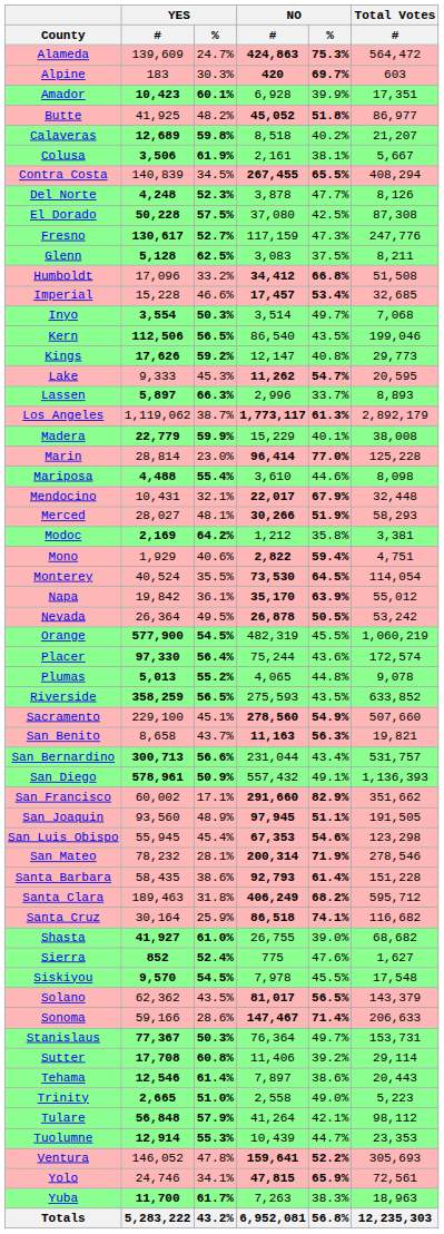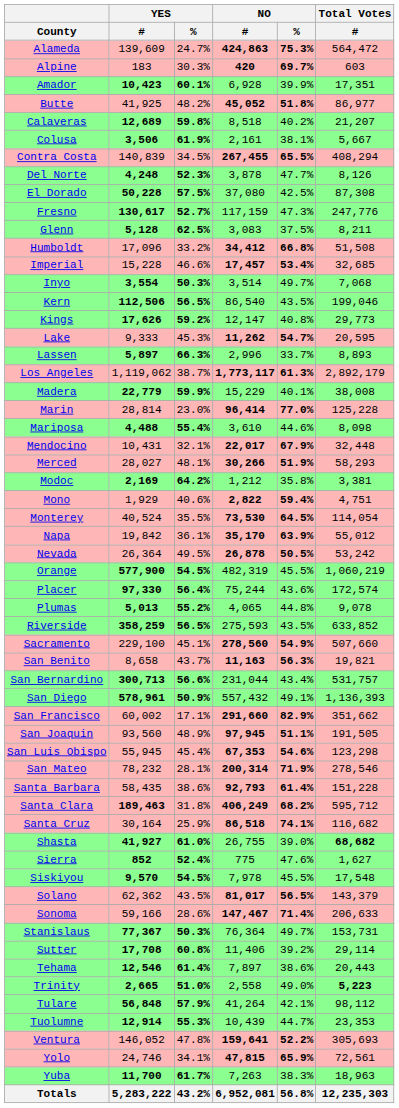 <table class="wikitable sortable">
 <tr>
 <th></th>
 <th colspan="2"> YES</th>
 <th colspan="2"> NO</th>
 <th>Total Votes</th>
 </tr>
 <tr>
 <th>County</th>
 <th>#</th>
 <th>%</th>
 <th>#</th>
 <th>%</th>
 <th>#</th>
 </tr>
 <tr>
 <td bgcolor=#FFB6B6 align="center"><a href='#'>Alameda</a></td>
 <td bgcolor=#FFB6B6 align="center">139,609</td>
 <td bgcolor=#FFB6B6 align="center">24.7%</td>
 <td bgcolor=#FFB6B6 align="center"><strong>424,863</strong></td>
 <td bgcolor=#FFB6B6 align="center"><strong>75.3%</strong></td>
 <td bgcolor=#FFB6B6 align="center">564,472</td>
 </tr>
 <tr>
 <td bgcolor=#FFB6B6 align="center"><a href='#'>Alpine</a></td>
 <td bgcolor=#FFB6B6 align="center">183</td>
 <td bgcolor=#FFB6B6 align="center">30.3%</td>
 <td bgcolor=#FFB6B6 align="center"><strong>420</strong></td>
 <td bgcolor=#FFB6B6 align="center"><strong>69.7%</strong></td>
 <td bgcolor=#FFB6B6 align="center">603</td>
 </tr>
 <tr>
 <td bgcolor=#8BFF90 align="center"><a href='#'>Amador</a></td>
 <td bgcolor=#8BFF90 align="center"><strong>10,423</strong></td>
 <td bgcolor=#8BFF90 align="center"><strong>60.1%</strong></td>
 <td bgcolor=#8BFF90 align="center">6,928</td>
 <td bgcolor=#8BFF90 align="center">39.9%</td>
 <td bgcolor=#8BFF90 align="center">17,351</td>
 </tr>
 <tr>
 <td bgcolor=#FFB6B6 align="center"><a href='#'>Butte</a></td>
 <td bgcolor=#FFB6B6 align="center">41,925</td>
 <td bgcolor=#FFB6B6 align="center">48.2%</td>
 <td bgcolor=#FFB6B6 align="center"><strong>45,052</strong></td>
 <td bgcolor=#FFB6B6 align="center"><strong>51.8%</strong></td>
 <td bgcolor=#FFB6B6 align="center">86,977</td>
 </tr>
 <tr>
 <td bgcolor=#8BFF90 align="center"><a href='#'>Calaveras</a></td>
 <td bgcolor=#8BFF90 align="center"><strong>12,689</strong></td>
 <td bgcolor=#8BFF90 align="center"><strong>59.8%</strong></td>
 <td bgcolor=#8BFF90 align="center">8,518</td>
 <td bgcolor=#8BFF90 align="center">40.2%</td>
 <td bgcolor=#8BFF90 align="center">21,207</td>
 </tr>
 <tr>
 <td bgcolor=#8BFF90 align="center"><a href='#'>Colusa</a></td>
 <td bgcolor=#8BFF90 align="center"><strong>3,506</strong></td>
 <td bgcolor=#8BFF90 align="center"><strong>61.9%</strong></td>
 <td bgcolor=#8BFF90 align="center">2,161</td>
 <td bgcolor=#8BFF90 align="center">38.1%</td>
 <td bgcolor=#8BFF90 align="center">5,667</td>
 </tr>
 <tr>
 <td bgcolor=#FFB6B6 align="center"><a href='#'>Contra Costa</a></td>
 <td bgcolor=#FFB6B6 align="center">140,839</td>
 <td bgcolor=#FFB6B6 align="center">34.5%</td>
 <td bgcolor=#FFB6B6 align="center"><strong>267,455</strong></td>
 <td bgcolor=#FFB6B6 align="center"><strong>65.5%</strong></td>
 <td bgcolor=#FFB6B6 align="center">408,294</td>
 </tr>
 <tr>
 <td bgcolor=#8BFF90 align="center"><a href='#'>Del Norte</a></td>
 <td bgcolor=#8BFF90 align="center"><strong>4,248</strong></td>
 <td bgcolor=#8BFF90 align="center"><strong>52.3%</strong></td>
 <td bgcolor=#8BFF90 align="center">3,878</td>
 <td bgcolor=#8BFF90 align="center">47.7%</td>
 <td bgcolor=#8BFF90 align="center">8,126</td>
 </tr>
 <tr>
 <td bgcolor=#8BFF90 align="center"><a href='#'>El Dorado</a></td>
 <td bgcolor=#8BFF90 align="center"><strong>50,228</strong></td>
 <td bgcolor=#8BFF90 align="center"><strong>57.5%</strong></td>
 <td bgcolor=#8BFF90 align="center">37,080</td>
 <td bgcolor=#8BFF90 align="center">42.5%</td>
 <td bgcolor=#8BFF90 align="center">87,308</td>
 </tr>
 <tr>
 <td bgcolor=#8BFF90 align="center"><a href='#'>Fresno</a></td>
 <td bgcolor=#8BFF90 align="center"><strong>130,617</strong></td>
 <td bgcolor=#8BFF90 align="center"><strong>52.7%</strong></td>
 <td bgcolor=#8BFF90 align="center">117,159</td>
 <td bgcolor=#8BFF90 align="center">47.3%</td>
 <td bgcolor=#8BFF90 align="center">247,776</td>
 </tr>
 <tr>
 <td bgcolor=#8BFF90 align="center"><a href='#'>Glenn</a></td>
 <td bgcolor=#8BFF90 align="center"><strong>5,128</strong></td>
 <td bgcolor=#8BFF90 align="center"><strong>62.5%</strong></td>
 <td bgcolor=#8BFF90 align="center">3,083</td>
 <td bgcolor=#8BFF90 align="center">37.5%</td>
 <td bgcolor=#8BFF90 align="center">8,211</td>
 </tr>
 <tr>
 <td bgcolor=#FFB6B6 align="center"><a href='#'>Humboldt</a></td>
 <td bgcolor=#FFB6B6 align="center">17,096</td>
 <td bgcolor=#FFB6B6 align="center">33.2%</td>
 <td bgcolor=#FFB6B6 align="center"><strong>34,412</strong></td>
 <td bgcolor=#FFB6B6 align="center"><strong>66.8%</strong></td>
 <td bgcolor=#FFB6B6 align="center">51,508</td>
 </tr>
 <tr>
 <td bgcolor=#FFB6B6 align="center"><a href='#'>Imperial</a></td>
 <td bgcolor=#FFB6B6 align="center">15,228</td>
 <td bgcolor=#FFB6B6 align="center">46.6%</td>
 <td bgcolor=#FFB6B6 align="center"><strong>17,457</strong></td>
 <td bgcolor=#FFB6B6 align="center"><strong>53.4%</strong></td>
 <td bgcolor=#FFB6B6 align="center">32,685</td>
 </tr>
 <tr>
 <td bgcolor=#8BFF90 align="center"><a href='#'>Inyo</a></td>
 <td bgcolor=#8BFF90 align="center"><strong>3,554</strong></td>
 <td bgcolor=#8BFF90 align="center"><strong>50.3%</strong></td>
 <td bgcolor=#8BFF90 align="center">3,514</td>
 <td bgcolor=#8BFF90 align="center">49.7%</td>
 <td bgcolor=#8BFF90 align="center">7,068</td>
 </tr>
 <tr>
 <td bgcolor=#8BFF90 align="center"><a href='#'>Kern</a></td>
 <td bgcolor=#8BFF90 align="center"><strong>112,506</strong></td>
 <td bgcolor=#8BFF90 align="center"><strong>56.5%</strong></td>
 <td bgcolor=#8BFF90 align="center">86,540</td>
 <td bgcolor=#8BFF90 align="center">43.5%</td>
 <td bgcolor=#8BFF90 align="center">199,046</td>
 </tr>
 <tr>
 <td bgcolor=#8BFF90 align="center"><a href='#'>Kings</a></td>
 <td bgcolor=#8BFF90 align="center"><strong>17,626</strong></td>
 <td bgcolor=#8BFF90 align="center"><strong>59.2%</strong></td>
 <td bgcolor=#8BFF90 align="center">12,147</td>
 <td bgcolor=#8BFF90 align="center">40.8%</td>
 <td bgcolor=#8BFF90 align="center">29,773</td>
 </tr>
 <tr>
 <td bgcolor=#FFB6B6 align="center"><a href='#'>Lake</a></td>
 <td bgcolor=#FFB6B6 align="center">9,333</td>
 <td bgcolor=#FFB6B6 align="center">45.3%</td>
 <td bgcolor=#FFB6B6 align="center"><strong>11,262</strong></td>
 <td bgcolor=#FFB6B6 align="center"><strong>54.7%</strong></td>
 <td bgcolor=#FFB6B6 align="center">20,595</td>
 </tr>
 <tr>
 <td bgcolor=#8BFF90 align="center"><a href='#'>Lassen</a></td>
 <td bgcolor=#8BFF90 align="center"><strong>5,897</strong></td>
 <td bgcolor=#8BFF90 align="center"><strong>66.3%</strong></td>
 <td bgcolor=#8BFF90 align="center">2,996</td>
 <td bgcolor=#8BFF90 align="center">33.7%</td>
 <td bgcolor=#8BFF90 align="center">8,893</td>
 </tr>
 <tr>
 <td bgcolor=#FFB6B6 align="center"><a href='#'>Los Angeles</a></td>
 <td bgcolor=#FFB6B6 align="center">1,119,062</td>
 <td bgcolor=#FFB6B6 align="center">38.7%</td>
 <td bgcolor=#FFB6B6 align="center"><strong>1,773,117</strong></td>
 <td bgcolor=#FFB6B6 align="center"><strong>61.3%</strong></td>
 <td bgcolor=#FFB6B6 align="center">2,892,179</td>
 </tr>
 <tr>
 <td bgcolor=#8BFF90 align="center"><a href='#'>Madera</a></td>
 <td bgcolor=#8BFF90 align="center"><strong>22,779</strong></td>
 <td bgcolor=#8BFF90 align="center"><strong>59.9%</strong></td>
 <td bgcolor=#8BFF90 align="center">15,229</td>
 <td bgcolor=#8BFF90 align="center">40.1%</td>
 <td bgcolor=#8BFF90 align="center">38,008</td>
 </tr>
 <tr>
 <td bgcolor=#FFB6B6 align="center"><a href='#'>Marin</a></td>
 <td bgcolor=#FFB6B6 align="center">28,814</td>
 <td bgcolor=#FFB6B6 align="center">23.0%</td>
 <td bgcolor=#FFB6B6 align="center"><strong>96,414</strong></td>
 <td bgcolor=#FFB6B6 align="center"><strong>77.0%</strong></td>
 <td bgcolor=#FFB6B6 align="center">125,228</td>
 </tr>
 <tr>
 <td bgcolor=#8BFF90 align="center"><a href='#'>Mariposa</a></td>
 <td bgcolor=#8BFF90 align="center"><strong>4,488</strong></td>
 <td bgcolor=#8BFF90 align="center"><strong>55.4%</strong></td>
 <td bgcolor=#8BFF90 align="center">3,610</td>
 <td bgcolor=#8BFF90 align="center">44.6%</td>
 <td bgcolor=#8BFF90 align="center">8,098</td>
 </tr>
 <tr>
 <td bgcolor=#FFB6B6 align="center"><a href='#'>Mendocino</a></td>
 <td bgcolor=#FFB6B6 align="center">10,431</td>
 <td bgcolor=#FFB6B6 align="center">32.1%</td>
 <td bgcolor=#FFB6B6 align="center"><strong>22,017</strong></td>
 <td bgcolor=#FFB6B6 align="center"><strong>67.9%</strong></td>
 <td bgcolor=#FFB6B6 align="center">32,448</td>
 </tr>
 <tr>
 <td bgcolor=#FFB6B6 align="center"><a href='#'>Merced</a></td>
 <td bgcolor=#FFB6B6 align="center">28,027</td>
 <td bgcolor=#FFB6B6 align="center">48.1%</td>
 <td bgcolor=#FFB6B6 align="center"><strong>30,266</strong></td>
 <td bgcolor=#FFB6B6 align="center"><strong>51.9%</strong></td>
 <td bgcolor=#FFB6B6 align="center">58,293</td>
 </tr>
 <tr>
 <td bgcolor=#8BFF90 align="center"><a href='#'>Modoc</a></td>
 <td bgcolor=#8BFF90 align="center"><strong>2,169</strong></td>
 <td bgcolor=#8BFF90 align="center"><strong>64.2%</strong></td>
 <td bgcolor=#8BFF90 align="center">1,212</td>
 <td bgcolor=#8BFF90 align="center">35.8%</td>
 <td bgcolor=#8BFF90 align="center">3,381</td>
 </tr>
 <tr>
 <td bgcolor=#FFB6B6 align="center"><a href='#'>Mono</a></td>
 <td bgcolor=#FFB6B6 align="center">1,929</td>
 <td bgcolor=#FFB6B6 align="center">40.6%</td>
 <td bgcolor=#FFB6B6 align="center"><strong>2,822</strong></td>
 <td bgcolor=#FFB6B6 align="center"><strong>59.4%</strong></td>
 <td bgcolor=#FFB6B6 align="center">4,751</td>
 </tr>
 <tr>
 <td bgcolor=#FFB6B6 align="center"><a href='#'>Monterey</a></td>
 <td bgcolor=#FFB6B6 align="center">40,524</td>
 <td bgcolor=#FFB6B6 align="center">35.5%</td>
 <td bgcolor=#FFB6B6 align="center"><strong>73,530</strong></td>
 <td bgcolor=#FFB6B6 align="center"><strong>64.5%</strong></td>
 <td bgcolor=#FFB6B6 align="center">114,054</td>
 </tr>
 <tr>
 <td bgcolor=#FFB6B6 align="center"><a href='#'>Napa</a></td>
 <td bgcolor=#FFB6B6 align="center">19,842</td>
 <td bgcolor=#FFB6B6 align="center">36.1%</td>
 <td bgcolor=#FFB6B6 align="center"><strong>35,170</strong></td>
 <td bgcolor=#FFB6B6 align="center"><strong>63.9%</strong></td>
 <td bgcolor=#FFB6B6 align="center">55,012</td>
 </tr>
 <tr>
 <td bgcolor=#FFB6B6 align="center"><a href='#'>Nevada</a></td>
 <td bgcolor=#FFB6B6 align="center">26,364</td>
 <td bgcolor=#FFB6B6 align="center">49.5%</td>
 <td bgcolor=#FFB6B6 align="center"><strong>26,878</strong></td>
 <td bgcolor=#FFB6B6 align="center"><strong>50.5%</strong></td>
 <td bgcolor=#FFB6B6 align="center">53,242</td>
 </tr>
 <tr>
 <td bgcolor=#8BFF90 align="center"><a href='#'>Orange</a></td>
 <td bgcolor=#8BFF90 align="center"><strong>577,900</strong></td>
 <td bgcolor=#8BFF90 align="center"><strong>54.5%</strong></td>
 <td bgcolor=#8BFF90 align="center">482,319</td>
 <td bgcolor=#8BFF90 align="center">45.5%</td>
 <td bgcolor=#8BFF90 align="center">1,060,219</td>
 </tr>
 <tr>
 <td bgcolor=#8BFF90 align="center"><a href='#'>Placer</a></td>
 <td bgcolor=#8BFF90 align="center"><strong>97,330</strong></td>
 <td bgcolor=#8BFF90 align="center"><strong>56.4%</strong></td>
 <td bgcolor=#8BFF90 align="center">75,244</td>
 <td bgcolor=#8BFF90 align="center">43.6%</td>
 <td bgcolor=#8BFF90 align="center">172,574</td>
 </tr>
 <tr>
 <td bgcolor=#8BFF90 align="center"><a href='#'>Plumas</a></td>
 <td bgcolor=#8BFF90 align="center"><strong>5,013</strong></td>
 <td bgcolor=#8BFF90 align="center"><strong>55.2%</strong></td>
 <td bgcolor=#8BFF90 align="center">4,065</td>
 <td bgcolor=#8BFF90 align="center">44.8%</td>
 <td bgcolor=#8BFF90 align="center">9,078</td>
 </tr>
 <tr>
 <td bgcolor=#8BFF90 align="center"><a href='#'>Riverside</a></td>
 <td bgcolor=#8BFF90 align="center"><strong>358,259</strong></td>
 <td bgcolor=#8BFF90 align="center"><strong>56.5%</strong></td>
 <td bgcolor=#8BFF90 align="center">275,593</td>
 <td bgcolor=#8BFF90 align="center">43.5%</td>
 <td bgcolor=#8BFF90 align="center">633,852</td>
 </tr>
 <tr>
 <td bgcolor=#FFB6B6 align="center"><a href='#'>Sacramento</a></td>
 <td bgcolor=#FFB6B6 align="center">229,100</td>
 <td bgcolor=#FFB6B6 align="center">45.1%</td>
 <td bgcolor=#FFB6B6 align="center"><strong>278,560</strong></td>
 <td bgcolor=#FFB6B6 align="center"><strong>54.9%</strong></td>
 <td bgcolor=#FFB6B6 align="center">507,660</td>
 </tr>
 <tr>
 <td bgcolor=#FFB6B6 align="center"><a href='#'>San Benito</a></td>
 <td bgcolor=#FFB6B6 align="center">8,658</td>
 <td bgcolor=#FFB6B6 align="center">43.7%</td>
 <td bgcolor=#FFB6B6 align="center"><strong>11,163</strong></td>
 <td bgcolor=#FFB6B6 align="center"><strong>56.3%</strong></td>
 <td bgcolor=#FFB6B6 align="center">19,821</td>
 </tr>
 <tr>
 <td bgcolor=#8BFF90 align="center"><a href='#'>San Bernardino</a></td>
 <td bgcolor=#8BFF90 align="center"><strong>300,713</strong></td>
 <td bgcolor=#8BFF90 align="center"><strong>56.6%</strong></td>
 <td bgcolor=#8BFF90 align="center">231,044</td>
 <td bgcolor=#8BFF90 align="center">43.4%</td>
 <td bgcolor=#8BFF90 align="center">531,757</td>
 </tr>
 <tr>
 <td bgcolor=#8BFF90 align="center"><a href='#'>San Diego</a></td>
 <td bgcolor=#8BFF90 align="center"><strong>578,961</strong></td>
 <td bgcolor=#8BFF90 align="center"><strong>50.9%</strong></td>
 <td bgcolor=#8BFF90 align="center">557,432</td>
 <td bgcolor=#8BFF90 align="center">49.1%</td>
 <td bgcolor=#8BFF90 align="center">1,136,393</td>
 </tr>
 <tr>
 <td bgcolor=#FFB6B6 align="center"><a href='#'>San Francisco</a></td>
 <td bgcolor=#FFB6B6 align="center">60,002</td>
 <td bgcolor=#FFB6B6 align="center">17.1%</td>
 <td bgcolor=#FFB6B6 align="center"><strong>291,660</strong></td>
 <td bgcolor=#FFB6B6 align="center"><strong>82.9%</strong></td>
 <td bgcolor=#FFB6B6 align="center">351,662</td>
 </tr>
 <tr>
 <td bgcolor=#FFB6B6 align="center"><a href='#'>San Joaquin</a></td>
 <td bgcolor=#FFB6B6 align="center">93,560</td>
 <td bgcolor=#FFB6B6 align="center">48.9%</td>
 <td bgcolor=#FFB6B6 align="center"><strong>97,945</strong></td>
 <td bgcolor=#FFB6B6 align="center"><strong>51.1%</strong></td>
 <td bgcolor=#FFB6B6 align="center">191,505</td>
 </tr>
 <tr>
 <td bgcolor=#FFB6B6 align="center"><a href='#'>San Luis Obispo</a></td>
 <td bgcolor=#FFB6B6 align="center">55,945</td>
 <td bgcolor=#FFB6B6 align="center">45.4%</td>
 <td bgcolor=#FFB6B6 align="center"><strong>67,353</strong></td>
 <td bgcolor=#FFB6B6 align="center"><strong>54.6%</strong></td>
 <td bgcolor=#FFB6B6 align="center">123,298</td>
 </tr>
 <tr>
 <td bgcolor=#FFB6B6 align="center"><a href='#'>San Mateo</a></td>
 <td bgcolor=#FFB6B6 align="center">78,232</td>
 <td bgcolor=#FFB6B6 align="center">28.1%</td>
 <td bgcolor=#FFB6B6 align="center"><strong>200,314</strong></td>
 <td bgcolor=#FFB6B6 align="center"><strong>71.9%</strong></td>
 <td bgcolor=#FFB6B6 align="center">278,546</td>
 </tr>
 <tr>
 <td bgcolor=#FFB6B6 align="center"><a href='#'>Santa Barbara</a></td>
 <td bgcolor=#FFB6B6 align="center">58,435</td>
 <td bgcolor=#FFB6B6 align="center">38.6%</td>
 <td bgcolor=#FFB6B6 align="center"><strong>92,793</strong></td>
 <td bgcolor=#FFB6B6 align="center"><strong>61.4%</strong></td>
 <td bgcolor=#FFB6B6 align="center">151,228</td>
 </tr>
 <tr>
 <td bgcolor=#FFB6B6 align="center"><a href='#'>Santa Clara</a></td>
-<td bgcolor=#FFB6B6 align="center">189,463</td>
+<td bgcolor=#FFB6B6 align="center"><strong>189,463</strong></td>
 <td bgcolor=#FFB6B6 align="center">31.8%</td>
 <td bgcolor=#FFB6B6 align="center"><strong>406,249</strong></td>
 <td bgcolor=#FFB6B6 align="center"><strong>68.2%</strong></td>
 <td bgcolor=#FFB6B6 align="center">595,712</td>
 </tr>
 <tr>
 <td bgcolor=#FFB6B6 align="center"><a href='#'>Santa Cruz</a></td>
 <td bgcolor=#FFB6B6 align="center">30,164</td>
 <td bgcolor=#FFB6B6 align="center">25.9%</td>
 <td bgcolor=#FFB6B6 align="center"><strong>86,518</strong></td>
 <td bgcolor=#FFB6B6 align="center"><strong>74.1%</strong></td>
 <td bgcolor=#FFB6B6 align="center">116,682</td>
 </tr>
 <tr>
 <td bgcolor=#8BFF90 align="center"><a href='#'>Shasta</a></td>
 <td bgcolor=#8BFF90 align="center"><strong>41,927</strong></td>
 <td bgcolor=#8BFF90 align="center"><strong>61.0%</strong></td>
 <td bgcolor=#8BFF90 align="center">26,755</td>
 <td bgcolor=#8BFF90 align="center">39.0%</td>
-<td bgcolor=#8BFF90 align="center">68,682</td>
+<td bgcolor=#8BFF90 align="center"><strong>68,682</strong></td>
 </tr>
 <tr>
 <td bgcolor=#8BFF90 align="center"><a href='#'>Sierra</a></td>
 <td bgcolor=#8BFF90 align="center"><strong>852</strong></td>
 <td bgcolor=#8BFF90 align="center"><strong>52.4%</strong></td>
 <td bgcolor=#8BFF90 align="center">775</td>
 <td bgcolor=#8BFF90 align="center">47.6%</td>
 <td bgcolor=#8BFF90 align="center">1,627</td>
 </tr>
 <tr>
 <td bgcolor=#8BFF90 align="center"><a href='#'>Siskiyou</a></td>
 <td bgcolor=#8BFF90 align="center"><strong>9,570</strong></td>
 <td bgcolor=#8BFF90 align="center"><strong>54.5%</strong></td>
 <td bgcolor=#8BFF90 align="center">7,978</td>
 <td bgcolor=#8BFF90 align="center">45.5%</td>
 <td bgcolor=#8BFF90 align="center">17,548</td>
 </tr>
 <tr>
 <td bgcolor=#FFB6B6 align="center"><a href='#'>Solano</a></td>
 <td bgcolor=#FFB6B6 align="center">62,362</td>
 <td bgcolor=#FFB6B6 align="center">43.5%</td>
 <td bgcolor=#FFB6B6 align="center"><strong>81,017</strong></td>
 <td bgcolor=#FFB6B6 align="center"><strong>56.5%</strong></td>
 <td bgcolor=#FFB6B6 align="center">143,379</td>
 </tr>
 <tr>
 <td bgcolor=#FFB6B6 align="center"><a href='#'>Sonoma</a></td>
 <td bgcolor=#FFB6B6 align="center">59,166</td>
 <td bgcolor=#FFB6B6 align="center">28.6%</td>
 <td bgcolor=#FFB6B6 align="center"><strong>147,467</strong></td>
 <td bgcolor=#FFB6B6 align="center"><strong>71.4%</strong></td>
 <td bgcolor=#FFB6B6 align="center">206,633</td>
 </tr>
 <tr>
 <td bgcolor=#8BFF90 align="center"><a href='#'>Stanislaus</a></td>
 <td bgcolor=#8BFF90 align="center"><strong>77,367</strong></td>
 <td bgcolor=#8BFF90 align="center"><strong>50.3%</strong></td>
 <td bgcolor=#8BFF90 align="center">76,364</td>
 <td bgcolor=#8BFF90 align="center">49.7%</td>
 <td bgcolor=#8BFF90 align="center">153,731</td>
 </tr>
 <tr>
 <td bgcolor=#8BFF90 align="center"><a href='#'>Sutter</a></td>
 <td bgcolor=#8BFF90 align="center"><strong>17,708</strong></td>
 <td bgcolor=#8BFF90 align="center"><strong>60.8%</strong></td>
 <td bgcolor=#8BFF90 align="center">11,406</td>
 <td bgcolor=#8BFF90 align="center">39.2%</td>
 <td bgcolor=#8BFF90 align="center">29,114</td>
 </tr>
 <tr>
 <td bgcolor=#8BFF90 align="center"><a href='#'>Tehama</a></td>
 <td bgcolor=#8BFF90 align="center"><strong>12,546</strong></td>
 <td bgcolor=#8BFF90 align="center"><strong>61.4%</strong></td>
 <td bgcolor=#8BFF90 align="center">7,897</td>
 <td bgcolor=#8BFF90 align="center">38.6%</td>
 <td bgcolor=#8BFF90 align="center">20,443</td>
 </tr>
 <tr>
 <td bgcolor=#8BFF90 align="center"><a href='#'>Trinity</a></td>
 <td bgcolor=#8BFF90 align="center"><strong>2,665</strong></td>
 <td bgcolor=#8BFF90 align="center"><strong>51.0%</strong></td>
 <td bgcolor=#8BFF90 align="center">2,558</td>
 <td bgcolor=#8BFF90 align="center">49.0%</td>
-<td bgcolor=#8BFF90 align="center">5,223</td>
+<td bgcolor=#8BFF90 align="center"><strong>5,223</strong></td>
 </tr>
 <tr>
 <td bgcolor=#8BFF90 align="center"><a href='#'>Tulare</a></td>
 <td bgcolor=#8BFF90 align="center"><strong>56,848</strong></td>
 <td bgcolor=#8BFF90 align="center"><strong>57.9%</strong></td>
 <td bgcolor=#8BFF90 align="center">41,264</td>
 <td bgcolor=#8BFF90 align="center">42.1%</td>
 <td bgcolor=#8BFF90 align="center">98,112</td>
 </tr>
 <tr>
 <td bgcolor=#8BFF90 align="center"><a href='#'>Tuolumne</a></td>
 <td bgcolor=#8BFF90 align="center"><strong>12,914</strong></td>
 <td bgcolor=#8BFF90 align="center"><strong>55.3%</strong></td>
 <td bgcolor=#8BFF90 align="center">10,439</td>
 <td bgcolor=#8BFF90 align="center">44.7%</td>
 <td bgcolor=#8BFF90 align="center">23,353</td>
 </tr>
 <tr>
 <td bgcolor=#FFB6B6 align="center"><a href='#'>Ventura</a></td>
 <td bgcolor=#FFB6B6 align="center">146,052</td>
 <td bgcolor=#FFB6B6 align="center">47.8%</td>
 <td bgcolor=#FFB6B6 align="center"><strong>159,641</strong></td>
 <td bgcolor=#FFB6B6 align="center"><strong>52.2%</strong></td>
 <td bgcolor=#FFB6B6 align="center">305,693</td>
 </tr>
 <tr>
 <td bgcolor=#FFB6B6 align="center"><a href='#'>Yolo</a></td>
 <td bgcolor=#FFB6B6 align="center">24,746</td>
 <td bgcolor=#FFB6B6 align="center">34.1%</td>
 <td bgcolor=#FFB6B6 align="center"><strong>47,815</strong></td>
 <td bgcolor=#FFB6B6 align="center"><strong>65.9%</strong></td>
 <td bgcolor=#FFB6B6 align="center">72,561</td>
 </tr>
 <tr>
 <td bgcolor=#8BFF90 align="center"><a href='#'>Yuba</a></td>
 <td bgcolor=#8BFF90 align="center"><strong>11,700</strong></td>
 <td bgcolor=#8BFF90 align="center"><strong>61.7%</strong></td>
 <td bgcolor=#8BFF90 align="center">7,263</td>
 <td bgcolor=#8BFF90 align="center">38.3%</td>
 <td bgcolor=#8BFF90 align="center">18,963</td>
 </tr>
 <tr>
 <th>Totals</th>
 <th><strong>5,283,222</strong></th>
 <th><strong>43.2%</strong></th>
 <th><strong>6,952,081</strong></th>
 <th><strong>56.8%</strong></th>
 <th>12,235,303</th>
 </tr>
 </table>
